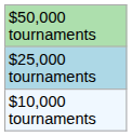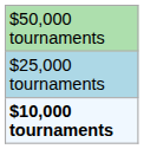 <table class="wikitable" style="font-size:85%;" width=12%>
 <tr style="background:#addfad;">
 <td>$50,000 tournaments</td>
 </tr>
 <tr style="background:lightblue;">
 <td>$25,000 tournaments</td>
 </tr>
 <tr style="background:#f0f8ff;">
-<td>$10,000 tournaments</td>
+<td><strong>$10,000 tournaments</strong></td>
 </tr>
 </table>
